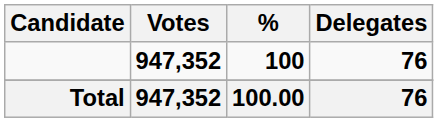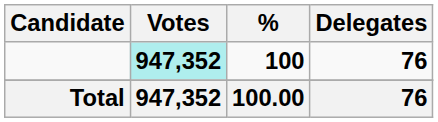 <table class="wikitable sortable" style="text-align:right;">
 <tr>
 <th>Candidate</th>
 <th>Votes</th>
 <th>%</th>
 <th>Delegates</th>
 </tr>
 <tr>
 <td><strong></strong></td>
-<td><strong>947,352</strong></td>
+<td style="background: paleturquoise;"><strong>947,352</strong></td>
 <td><strong>100</strong></td>
 <td><strong>76</strong></td>
 </tr>
 <tr>
 </tr>
 <tr style="background-color:#F6F6F6">
 <th style="text-align:right;">Total</th>
 <th style="text-align:right;">947,352</th>
 <th style="text-align:right;">100.00</th>
 <th style="text-align:right;">76</th>
 </tr>
 </table>
